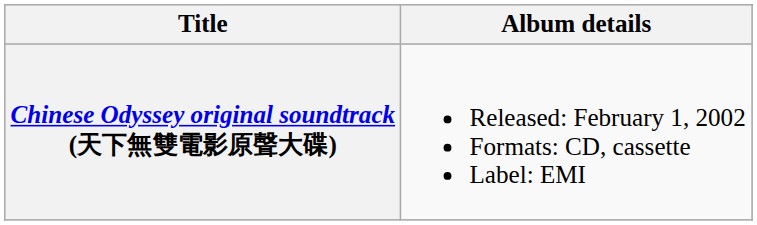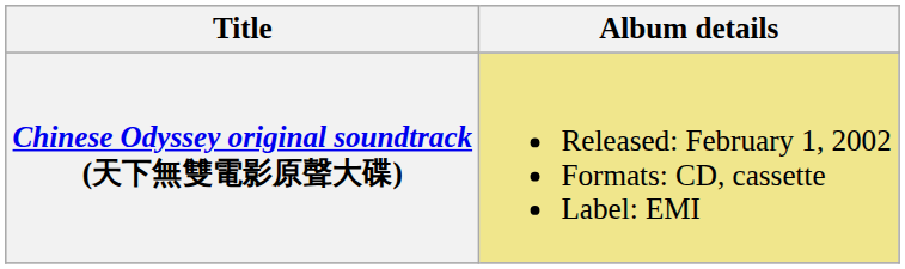 <table class="wikitable plainrowheaders">
 <tr>
 <th>Title</th>
 <th>Album details</th>
 </tr>
 <tr>
 <th scope="row"><em><a href='#'>Chinese Odyssey original soundtrack</a></em><br>(天下無雙電影原聲大碟)</th>
-<td><br><ul><li>Released: February 1, 2002</li><li>Formats: CD, cassette</li><li>Label: EMI</li></ul></td>
+<td style="background: khaki;"><br><ul><li>Released: February 1, 2002</li><li>Formats: CD, cassette</li><li>Label: EMI</li></ul></td>
 </tr>
 </table>
